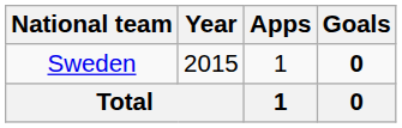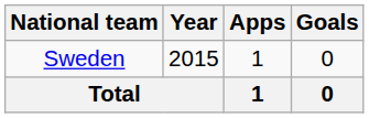 <table class="wikitable" style="text-align:center">
 <tr>
 <th>National team</th>
 <th>Year</th>
 <th>Apps</th>
 <th>Goals</th>
 </tr>
 <tr>
 <td><a href='#'>Sweden</a></td>
 <td>2015</td>
 <td>1</td>
-<td><strong>0</strong></td>
+<td>0</td>
 </tr>
 <tr>
 <th colspan="2">Total</th>
 <th>1</th>
 <th>0</th>
 </tr>
 </table>
